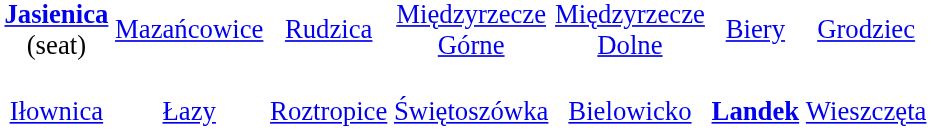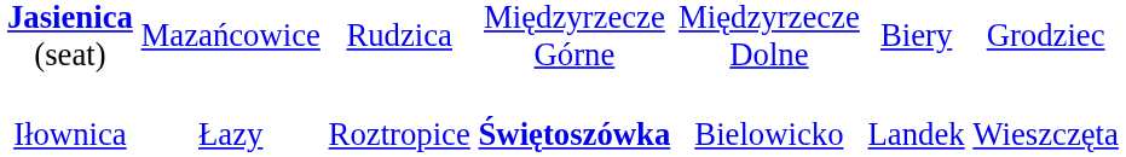 <table style="margin:1em auto; width: 100px; text-align: center; vertical-align: bottom;">
 <tr>
 <td><br><strong><a href='#'>Jasienica</a></strong><br>(seat)</td>
 <td><br><a href='#'>Mazańcowice</a></td>
 <td><br><a href='#'>Rudzica</a></td>
 <td><br><a href='#'>Międzyrzecze Górne</a></td>
 <td><br><a href='#'>Międzyrzecze Dolne</a></td>
 <td><br><a href='#'>Biery</a></td>
 <td><br><a href='#'>Grodziec</a></td>
 </tr>
 <tr>
 <td><br><a href='#'>Iłownica</a></td>
 <td><br><a href='#'>Łazy</a></td>
 <td><br><a href='#'>Roztropice</a></td>
-<td><br><a href='#'>Świętoszówka</a></td>
+<td><strong><br><a href='#'>Świętoszówka</a></strong></td>
 <td><br><a href='#'>Bielowicko</a></td>
-<td><strong><br><a href='#'>Landek</a></strong></td>
+<td><br><a href='#'>Landek</a></td>
 <td><br><a href='#'>Wieszczęta</a></td>
 </tr>
 </table>
